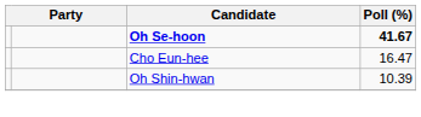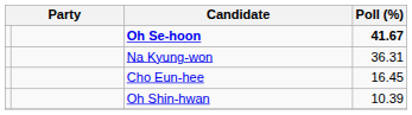 <table class=wikitable>
 <tr>
 <th colspan="2" style="width: 130px">Party</th>
 <th style="width: 17em">Candidate</th>
 <th>Poll (%)</th>
 </tr>
 <tr>
 <td style="background-color:"></td>
 <td style="width: 130px"><strong></strong></td>
 <td><strong><a href='#'>Oh Se-hoon</a></strong></td>
 <td style="text-align:right;"><strong>41.67</strong></td>
 </tr>
 <tr class="vcard">
 <td style="background-color:"></td>
 <td class="org" style="width: 130px"></td>
+<td class="fn"><a href='#'>Na Kyung-won</a></td>
+<td style="text-align:right;">36.31</td>
+</tr>
+<tr class="vcard">
+<td style="background-color:"></td>
+<td class="org" style="width: 130px"></td>
 <td class="fn"><a href='#'>Cho Eun-hee</a></td>
-<td style="text-align:right;">16.47</td>
+<td style="text-align:right;">16.45</td>
 </tr>
 <tr class="vcard">
 <td style="background-color:"></td>
 <td class="org" style="width: 130px"></td>
 <td class="fn"><a href='#'>Oh Shin-hwan</a></td>
 <td style="text-align:right;">10.39</td>
 </tr>
 <tr>
 </tr>
 <tr>
 </tr>
 </table>
